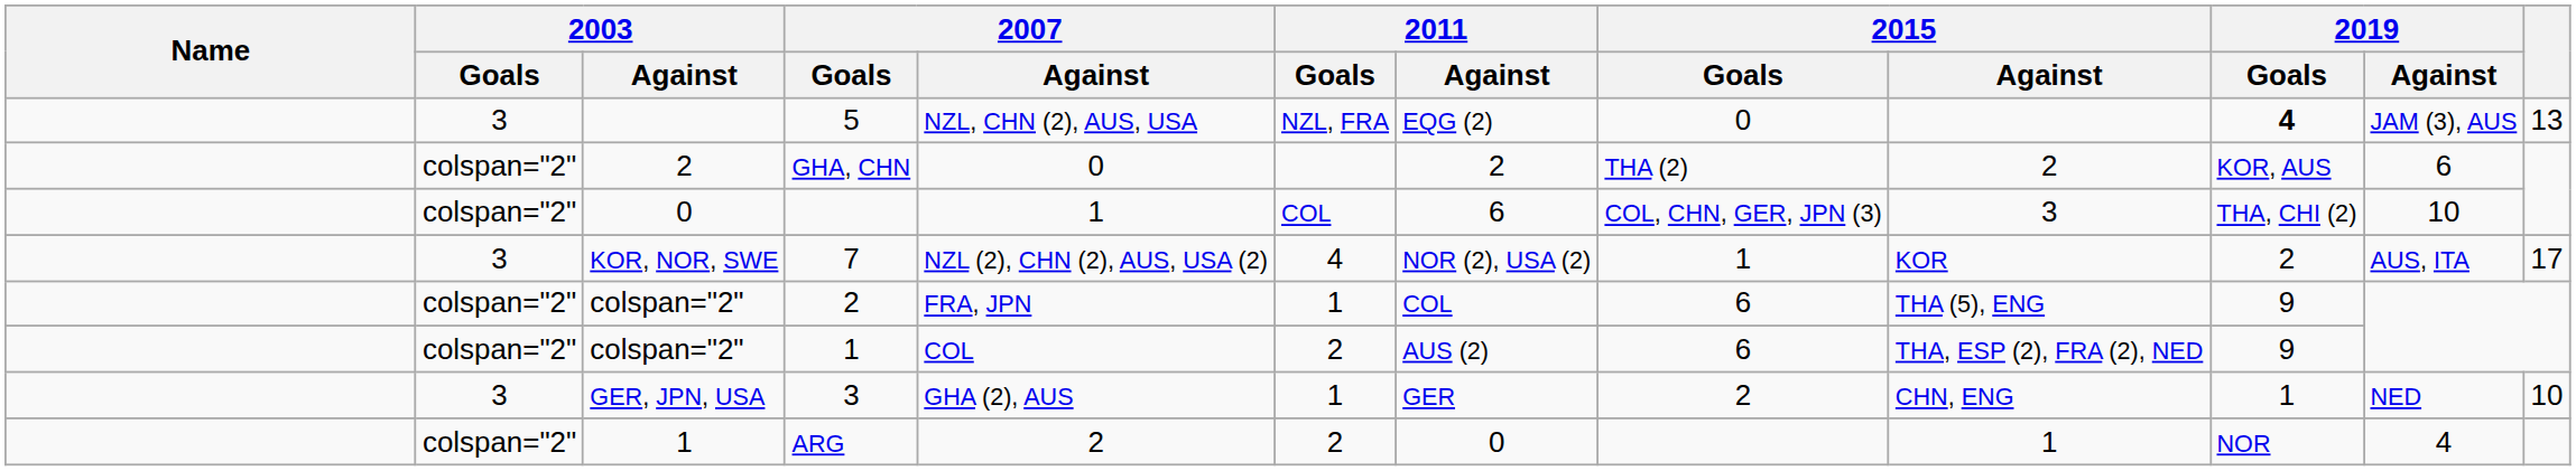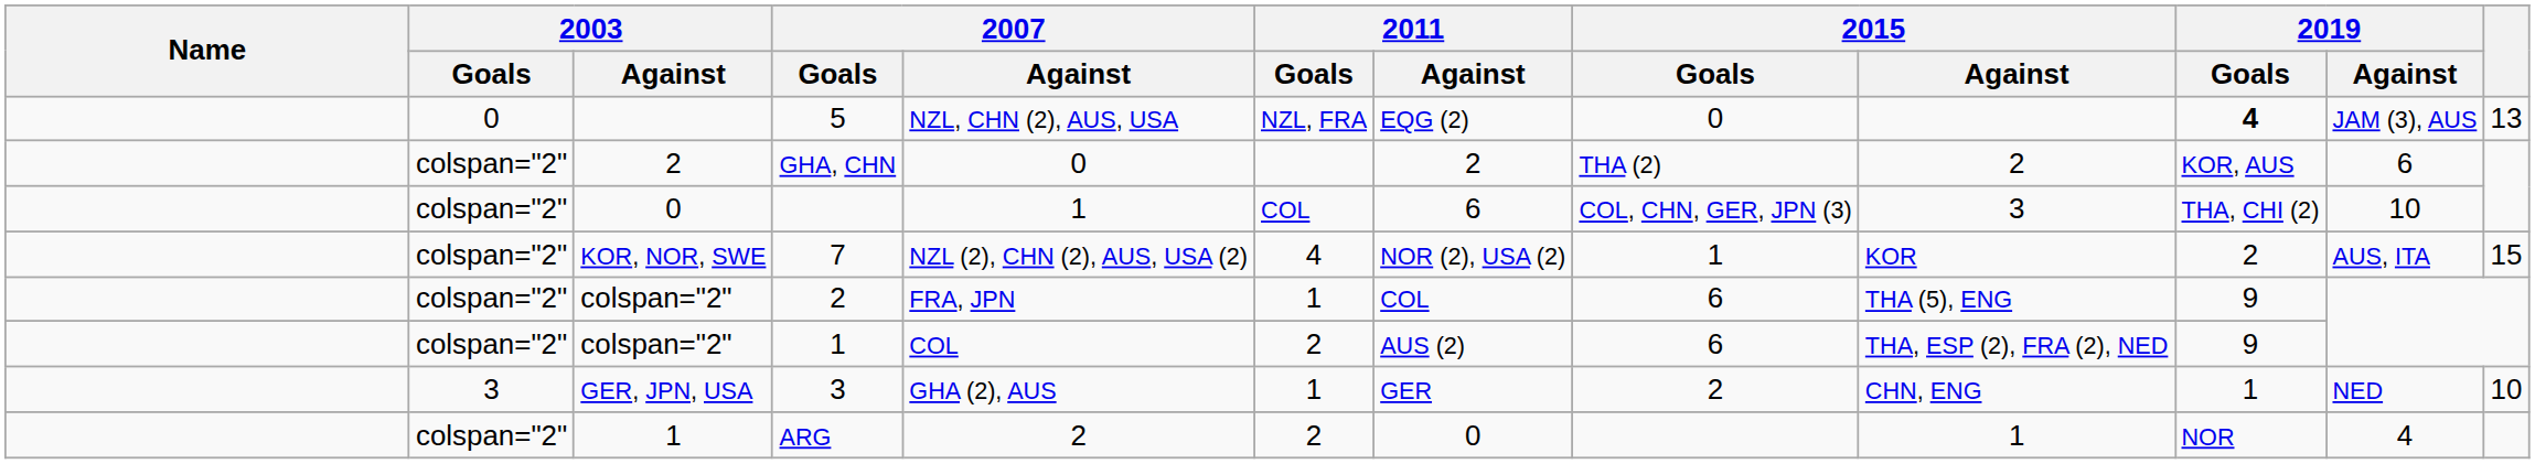 <table class="wikitable sortable" style="font-size: 90%;">
 <tr>
 <th rowspan="2" width="16%">Name<br></th>
 <th colspan="2"> <a href='#'>2003</a></th>
 <th colspan="2"> <a href='#'>2007</a></th>
 <th colspan="2"> <a href='#'>2011</a></th>
 <th colspan="2"> <a href='#'>2015</a></th>
 <th colspan="2"> <a href='#'>2019</a></th>
 <th rowspan="2"></th>
 </tr>
 <tr>
 <th>Goals</th>
 <th class="unsortable">Against</th>
 <th>Goals</th>
 <th class="unsortable">Against</th>
 <th>Goals</th>
 <th class="unsortable">Against</th>
 <th>Goals</th>
 <th class="unsortable">Against</th>
 <th>Goals</th>
 <th class="unsortable">Against</th>
 </tr>
 <tr>
 <td></td>
-<td align="center">3</td>
+<td align="center">0</td>
 <td></td>
 <td align="center">5</td>
 <td><small><a href='#'>NZL</a>, <a href='#'>CHN</a> (2), <a href='#'>AUS</a>, <a href='#'>USA</a></small></td>
 <td><small><a href='#'>NZL</a>, <a href='#'>FRA</a></small></td>
 <td><small><a href='#'>EQG</a> (2)</small></td>
 <td align="center">0</td>
 <td></td>
 <td align="center"><strong>4</strong></td>
 <td><small><a href='#'>JAM</a> (3), <a href='#'>AUS</a></small></td>
 <td align="center">13</td>
 </tr>
 <tr>
 <td></td>
 <td>colspan="2" </td>
 <td align="center">2</td>
 <td><small><a href='#'>GHA</a>, <a href='#'>CHN</a></small></td>
 <td align="center">0</td>
 <td></td>
 <td align="center">2</td>
 <td><small><a href='#'>THA</a> (2)</small></td>
 <td align="center">2</td>
 <td><small><a href='#'>KOR</a>, <a href='#'>AUS</a></small></td>
 <td align="center">6</td>
 </tr>
 <tr>
 <td></td>
 <td>colspan="2" </td>
 <td align="center">0</td>
 <td></td>
 <td align="center">1</td>
 <td><small><a href='#'>COL</a></small></td>
 <td align="center">6</td>
 <td><small><a href='#'>COL</a>, <a href='#'>CHN</a>, <a href='#'>GER</a>, <a href='#'>JPN</a> (3)</small></td>
 <td align="center">3</td>
 <td><small><a href='#'>THA</a>, <a href='#'>CHI</a> (2)</small></td>
 <td align="center">10</td>
 </tr>
 <tr>
 <td></td>
-<td align="center">3</td>
+<td>colspan="2" </td>
 <td><small><a href='#'>KOR</a>, <a href='#'>NOR</a>, <a href='#'>SWE</a></small></td>
 <td align="center">7</td>
 <td><small><a href='#'>NZL</a> (2), <a href='#'>CHN</a> (2), <a href='#'>AUS</a>, <a href='#'>USA</a> (2)</small></td>
 <td align="center">4</td>
 <td><small><a href='#'>NOR</a> (2), <a href='#'>USA</a> (2)</small></td>
 <td align="center">1</td>
 <td><small><a href='#'>KOR</a></small></td>
 <td align="center">2</td>
 <td><small><a href='#'>AUS</a>, <a href='#'>ITA</a></small></td>
-<td align="center">17</td>
+<td align="center">15</td>
 </tr>
 <tr>
 <td></td>
 <td>colspan="2" </td>
 <td>colspan="2" </td>
 <td align="center">2</td>
 <td><small><a href='#'>FRA</a>, <a href='#'>JPN</a></small></td>
 <td align="center">1</td>
 <td><small><a href='#'>COL</a></small></td>
 <td align="center">6</td>
 <td><small><a href='#'>THA</a> (5), <a href='#'>ENG</a></small></td>
 <td align="center">9</td>
 </tr>
 <tr>
 <td></td>
 <td>colspan="2" </td>
 <td>colspan="2" </td>
 <td align="center">1</td>
 <td><small><a href='#'>COL</a></small></td>
 <td align="center">2</td>
 <td><small><a href='#'>AUS</a> (2)</small></td>
 <td align="center">6</td>
 <td><small><a href='#'>THA</a>, <a href='#'>ESP</a> (2), <a href='#'>FRA</a> (2), <a href='#'>NED</a></small></td>
 <td align="center">9</td>
 </tr>
 <tr>
 <td></td>
 <td align="center">3</td>
 <td><small><a href='#'>GER</a>, <a href='#'>JPN</a>, <a href='#'>USA</a></small></td>
 <td align="center">3</td>
 <td><small><a href='#'>GHA</a> (2), <a href='#'>AUS</a></small></td>
 <td align="center">1</td>
 <td><small><a href='#'>GER</a></small></td>
 <td align="center">2</td>
 <td><small><a href='#'>CHN</a>, <a href='#'>ENG</a></small></td>
 <td align="center">1</td>
 <td><small><a href='#'>NED</a></small></td>
 <td align="center">10</td>
 </tr>
 <tr>
 <td></td>
 <td>colspan="2" </td>
 <td align="center">1</td>
 <td><small><a href='#'>ARG</a></small></td>
 <td align="center">2</td>
 <td align="center">2</td>
 <td align="center">0</td>
 <td></td>
 <td align="center">1</td>
 <td><small><a href='#'>NOR</a></small></td>
 <td align="center">4</td>
 </tr>
 </table>
